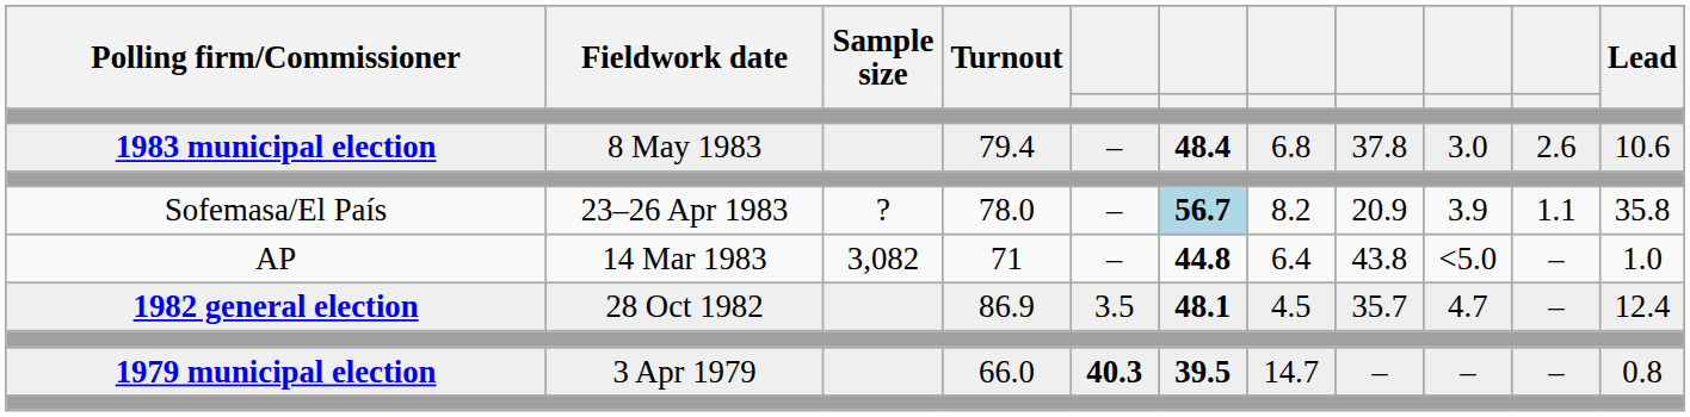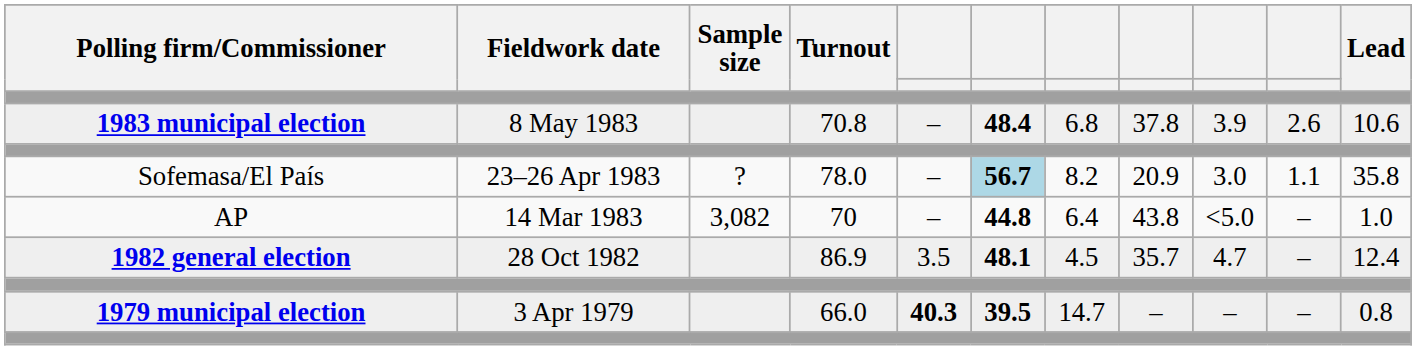 <table class="wikitable collapsible collapsed" style="text-align:center; font-size:95%; line-height:16px;">
 <tr style="height:42px;">
 <th style="width:250px;" rowspan="2">Polling firm/Commissioner</th>
 <th style="width:125px;" rowspan="2">Fieldwork date</th>
 <th style="width:50px;" rowspan="2">Sample size</th>
 <th style="width:45px;" rowspan="2">Turnout</th>
 <th style="width:35px;"></th>
 <th style="width:35px;"></th>
 <th style="width:35px;"></th>
 <th style="width:35px;"></th>
 <th style="width:35px;"></th>
 <th style="width:35px;"></th>
 <th style="width:30px;" rowspan="2">Lead</th>
 </tr>
 <tr>
 <th style="color:inherit;background:"></th>
 <th style="color:inherit;background:"></th>
 <th style="color:inherit;background:"></th>
 <th style="color:inherit;background:"></th>
 <th style="color:inherit;background:"></th>
 <th style="color:inherit;background:"></th>
 </tr>
 <tr>
 <td colspan="11" style="background:#A0A0A0"></td>
 </tr>
 <tr style="background:#EFEFEF;">
 <td><strong><a href='#'>1983 municipal election</a></strong></td>
 <td>8 May 1983</td>
 <td></td>
-<td>79.4</td>
+<td>70.8</td>
 <td>–</td>
 <td><strong>48.4</strong><br></td>
 <td>6.8<br></td>
 <td>37.8<br></td>
-<td>3.0<br></td>
+<td>3.9<br></td>
 <td>2.6<br></td>
 <td style="background:">10.6</td>
 </tr>
 <tr>
 <td colspan="11" style="background:#A0A0A0"></td>
 </tr>
 <tr>
 <td>Sofemasa/El País</td>
 <td>23–26 Apr 1983</td>
 <td>?</td>
 <td>78.0</td>
 <td>–</td>
 <td style="background: lightblue;"><strong>56.7</strong><br></td>
 <td>8.2<br></td>
 <td>20.9<br></td>
-<td>3.9<br></td>
+<td>3.0<br></td>
 <td>1.1<br></td>
 <td style="background:">35.8</td>
 </tr>
 <tr>
 <td>AP</td>
 <td>14 Mar 1983</td>
 <td>3,082</td>
-<td>71</td>
+<td>70</td>
 <td>–</td>
 <td><strong>44.8</strong><br></td>
 <td>6.4<br></td>
 <td>43.8<br></td>
 <td><5.0<br></td>
 <td>–</td>
 <td style="background:">1.0</td>
 </tr>
 <tr style="background:#EFEFEF;">
 <td><strong><a href='#'>1982 general election</a></strong></td>
 <td>28 Oct 1982</td>
 <td></td>
 <td>86.9</td>
 <td>3.5<br></td>
 <td><strong>48.1</strong><br></td>
 <td>4.5<br></td>
 <td>35.7<br></td>
 <td>4.7<br></td>
 <td>–</td>
 <td style="background:">12.4</td>
 </tr>
 <tr>
 <td colspan="11" style="background:#A0A0A0"></td>
 </tr>
 <tr style="background:#EFEFEF;">
 <td><strong><a href='#'>1979 municipal election</a></strong></td>
 <td>3 Apr 1979</td>
 <td></td>
 <td>66.0</td>
 <td><strong>40.3</strong><br></td>
 <td><strong>39.5<br></strong></td>
 <td>14.7<br></td>
 <td>–</td>
 <td>–</td>
 <td>–</td>
 <td style="background:">0.8</td>
 </tr>
 <tr>
 <td colspan="11" style="background:#A0A0A0"></td>
 </tr>
 </table>
